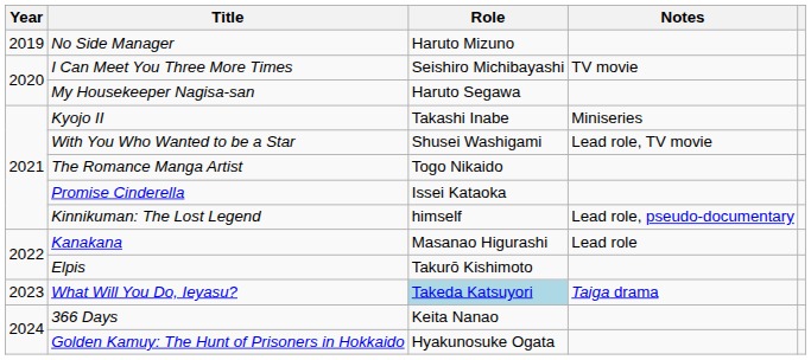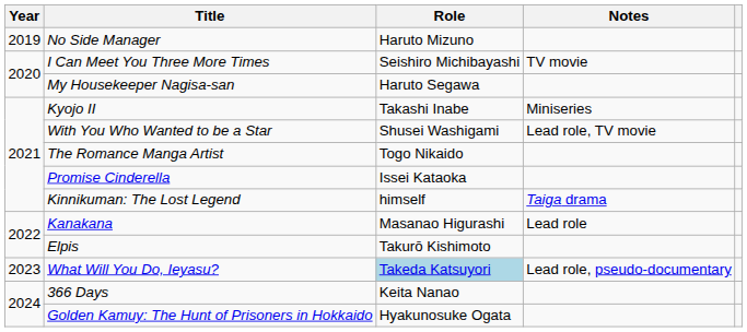 <table class="wikitable plainrowheader">
 <tr>
 <th scope="col">Year</th>
 <th scope="col">Title</th>
 <th scope="col">Role</th>
 <th scope="col">Notes</th>
 <th scope="col"></th>
 </tr>
 <tr>
 <td>2019</td>
 <td><em>No Side Manager</em></td>
 <td>Haruto Mizuno</td>
 <td></td>
 <td></td>
 </tr>
 <tr>
 <td rowspan="2">2020</td>
 <td><em>I Can Meet You Three More Times</em></td>
 <td>Seishiro Michibayashi</td>
 <td>TV movie</td>
 <td></td>
 </tr>
 <tr>
 <td><em>My Housekeeper Nagisa-san</em></td>
 <td>Haruto Segawa</td>
 <td></td>
 <td></td>
 </tr>
 <tr>
 <td rowspan="5">2021</td>
 <td><em>Kyojo II</em></td>
 <td>Takashi Inabe</td>
 <td>Miniseries</td>
 <td></td>
 </tr>
 <tr>
 <td><em>With You Who Wanted to be a Star</em></td>
 <td>Shusei Washigami</td>
 <td>Lead role, TV movie</td>
 <td></td>
 </tr>
 <tr>
 <td><em>The Romance Manga Artist</em></td>
 <td>Togo Nikaido</td>
 <td></td>
 <td></td>
 </tr>
 <tr>
 <td><em><a href='#'>Promise Cinderella</a></em></td>
 <td>Issei Kataoka</td>
 <td></td>
 <td></td>
 </tr>
 <tr>
 <td><em>Kinnikuman: The Lost Legend</em></td>
 <td>himself</td>
-<td>Lead role, <a href='#'>pseudo-documentary</a></td>
+<td><a href='#'><em>Taiga</em> drama</a></td>
 <td></td>
 </tr>
 <tr>
 <td rowspan=2>2022</td>
 <td><em><a href='#'>Kanakana</a></em></td>
 <td>Masanao Higurashi</td>
 <td>Lead role</td>
 <td></td>
 </tr>
 <tr>
 <td><em>Elpis</em></td>
 <td>Takurō Kishimoto</td>
 <td></td>
 <td></td>
 </tr>
 <tr>
 <td>2023</td>
 <td><em><a href='#'>What Will You Do, Ieyasu?</a></em></td>
 <td style="background: lightblue;"><a href='#'>Takeda Katsuyori</a></td>
-<td><a href='#'><em>Taiga</em> drama</a></td>
+<td>Lead role, <a href='#'>pseudo-documentary</a></td>
 <td></td>
 </tr>
 <tr>
 <td rowspan=2>2024</td>
 <td><em>366 Days</em></td>
 <td>Keita Nanao</td>
 <td></td>
 <td></td>
 </tr>
 <tr>
 <td><em><a href='#'>Golden Kamuy: The Hunt of Prisoners in Hokkaido</a></em></td>
 <td>Hyakunosuke Ogata</td>
 <td></td>
 <td></td>
 </tr>
 </table>
